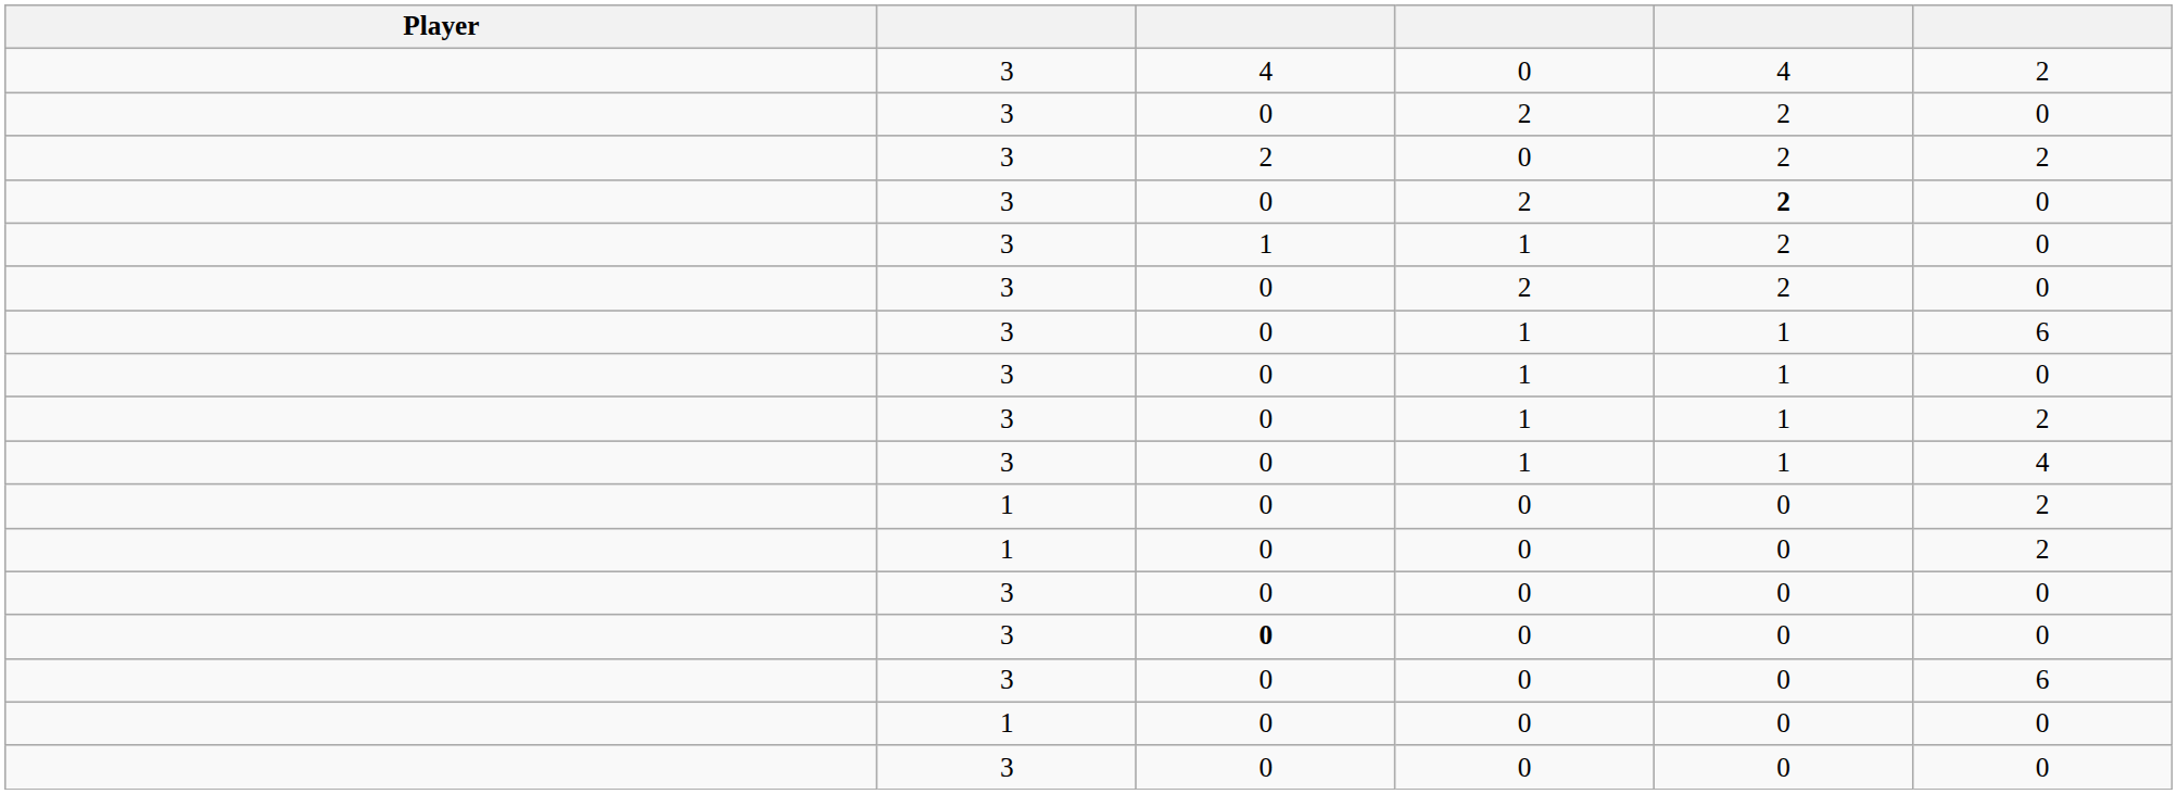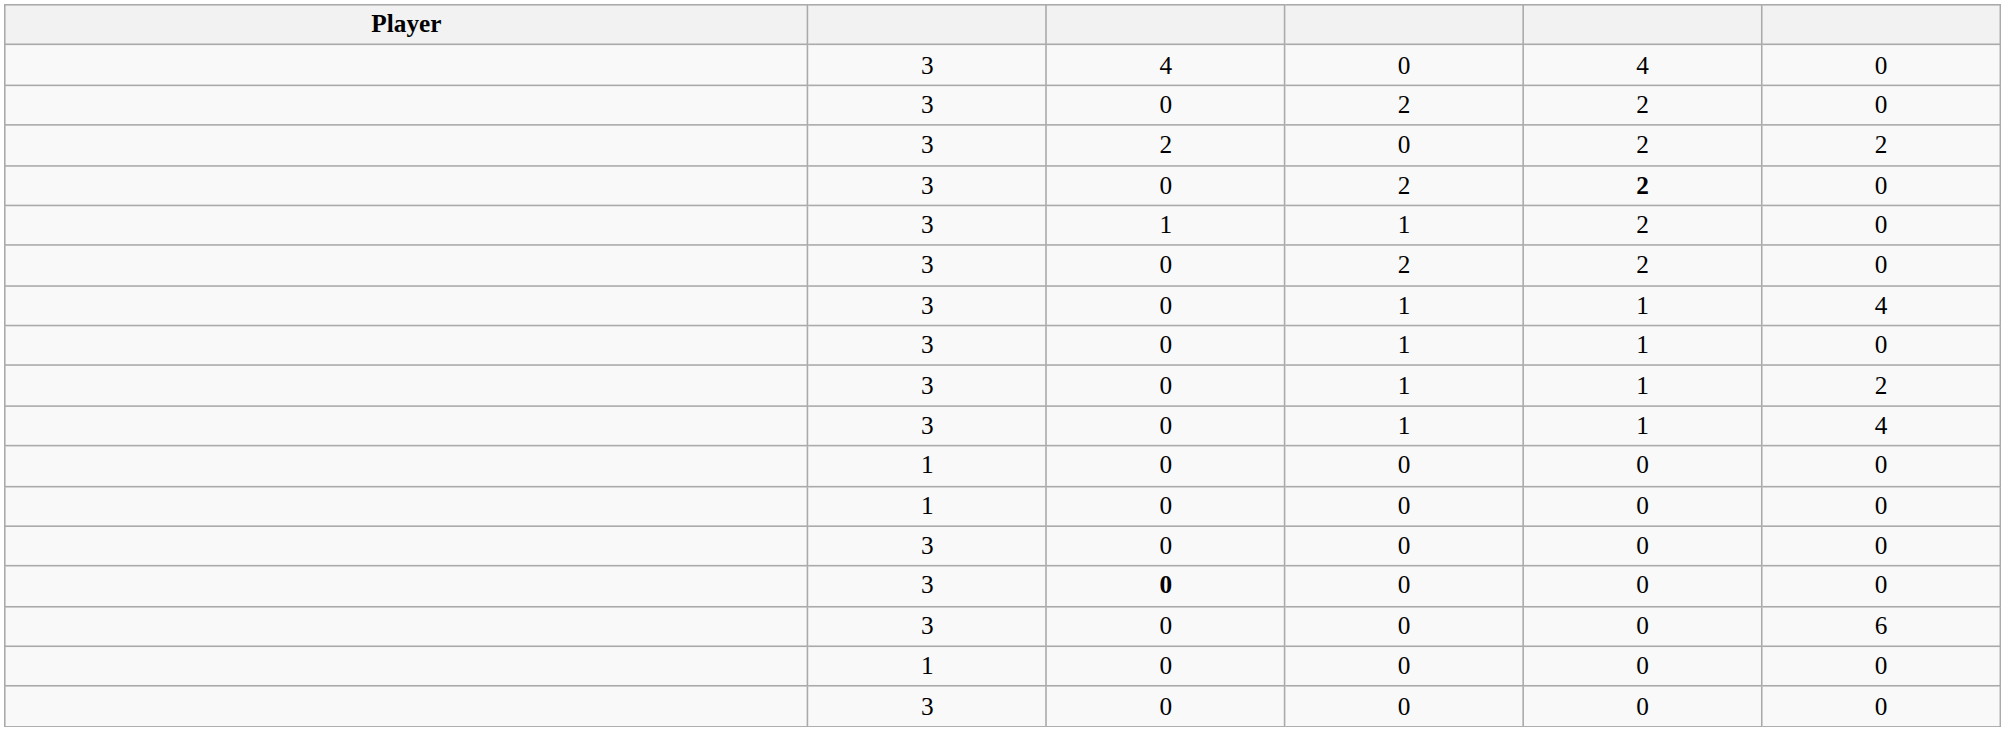 <table class="wikitable sortable" style="width:100%; text-align:center;">
 <tr>
 <th>Player</th>
 <th></th>
 <th></th>
 <th></th>
 <th></th>
 <th></th>
 </tr>
 <tr>
 <td></td>
 <td>3</td>
 <td>4</td>
 <td>0</td>
 <td>4</td>
-<td>2</td>
+<td>0</td>
 </tr>
 <tr>
 <td></td>
 <td>3</td>
 <td>0</td>
 <td>2</td>
 <td>2</td>
 <td>0</td>
 </tr>
 <tr>
 <td></td>
 <td>3</td>
 <td>2</td>
 <td>0</td>
 <td>2</td>
 <td>2</td>
 </tr>
 <tr>
 <td></td>
 <td>3</td>
 <td>0</td>
 <td>2</td>
 <td><strong>2</strong></td>
 <td>0</td>
 </tr>
 <tr>
 <td></td>
 <td>3</td>
 <td>1</td>
 <td>1</td>
 <td>2</td>
 <td>0</td>
 </tr>
 <tr>
 <td></td>
 <td>3</td>
 <td>0</td>
 <td>2</td>
 <td>2</td>
 <td>0</td>
 </tr>
 <tr>
 <td></td>
 <td>3</td>
 <td>0</td>
 <td>1</td>
 <td>1</td>
-<td>6</td>
+<td>4</td>
 </tr>
 <tr>
 <td></td>
 <td>3</td>
 <td>0</td>
 <td>1</td>
 <td>1</td>
 <td>0</td>
 </tr>
 <tr>
 <td></td>
 <td>3</td>
 <td>0</td>
 <td>1</td>
 <td>1</td>
 <td>2</td>
 </tr>
 <tr>
 <td></td>
 <td>3</td>
 <td>0</td>
 <td>1</td>
 <td>1</td>
 <td>4</td>
 </tr>
 <tr>
 <td></td>
 <td>1</td>
 <td>0</td>
 <td>0</td>
 <td>0</td>
-<td>2</td>
+<td>0</td>
 </tr>
 <tr>
 <td></td>
 <td>1</td>
 <td>0</td>
 <td>0</td>
 <td>0</td>
-<td>2</td>
+<td>0</td>
 </tr>
 <tr>
 <td></td>
 <td>3</td>
 <td>0</td>
 <td>0</td>
 <td>0</td>
 <td>0</td>
 </tr>
 <tr>
 <td></td>
 <td>3</td>
 <td><strong>0</strong></td>
 <td>0</td>
 <td>0</td>
 <td>0</td>
 </tr>
 <tr>
 <td></td>
 <td>3</td>
 <td>0</td>
 <td>0</td>
 <td>0</td>
 <td>6</td>
 </tr>
 <tr>
 <td></td>
 <td>1</td>
 <td>0</td>
 <td>0</td>
 <td>0</td>
 <td>0</td>
 </tr>
 <tr>
 <td></td>
 <td>3</td>
 <td>0</td>
 <td>0</td>
 <td>0</td>
 <td>0</td>
 </tr>
 </table>
